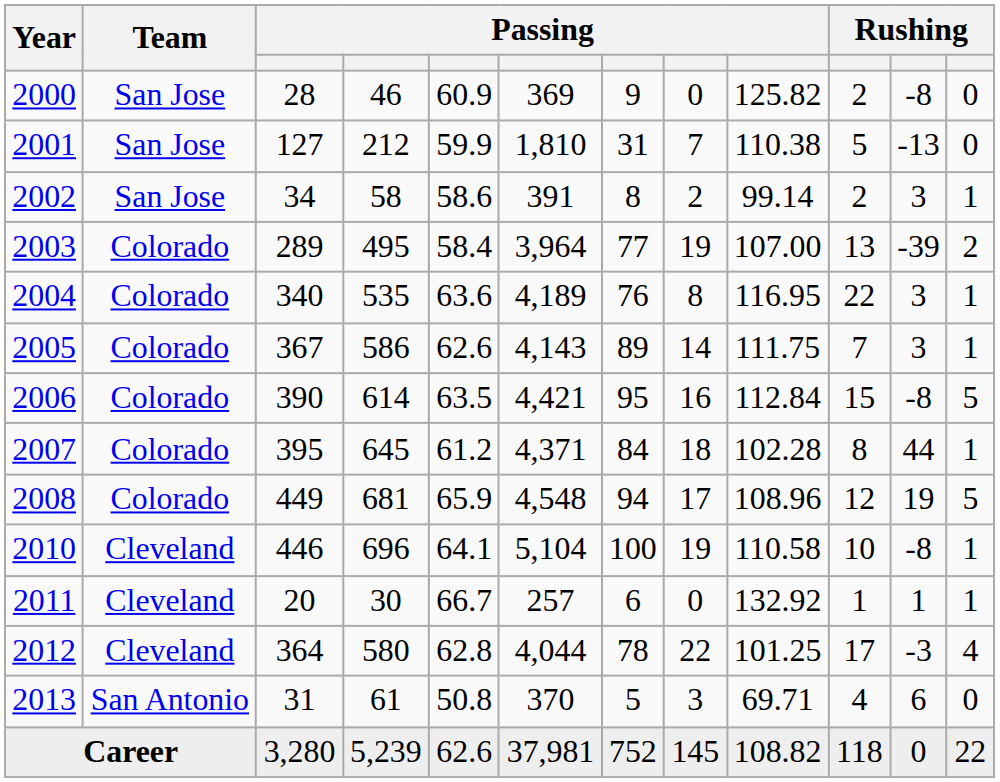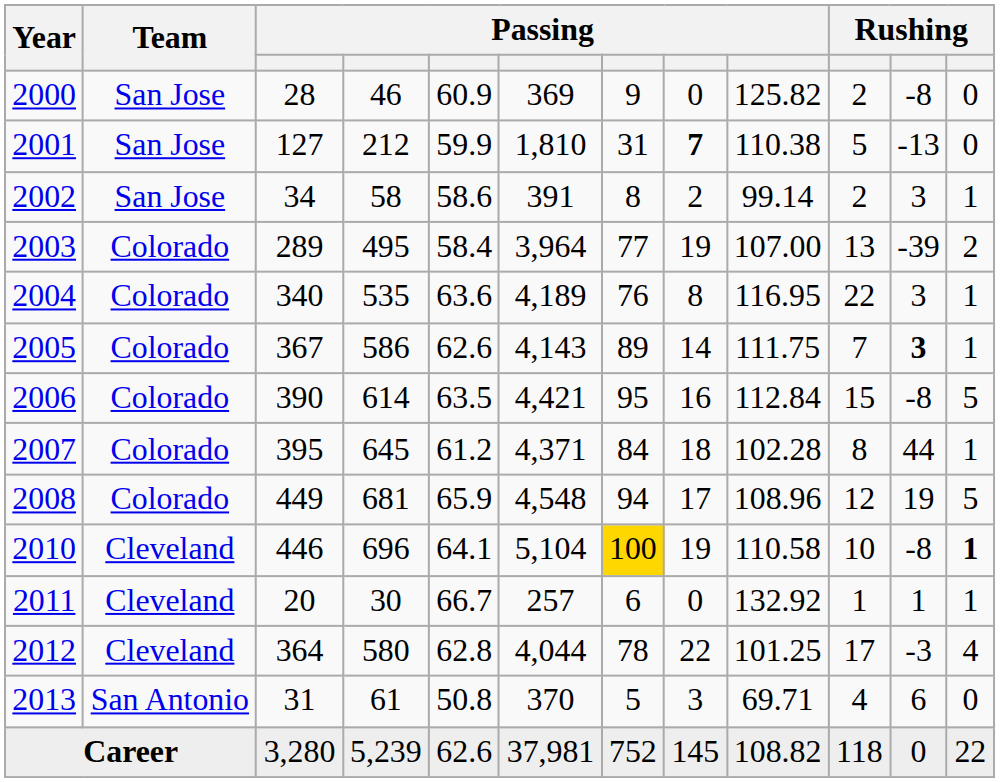 <table class="wikitable sortable" style="text-align:center">
 <tr>
 <th rowspan=2>Year</th>
 <th rowspan=2>Team</th>
 <th colspan=7>Passing</th>
 <th colspan=3>Rushing</th>
 </tr>
 <tr>
 <th></th>
 <th></th>
 <th></th>
 <th></th>
 <th></th>
 <th></th>
 <th></th>
 <th></th>
 <th></th>
 <th></th>
 </tr>
 <tr>
 <td><a href='#'>2000</a></td>
 <td><a href='#'>San Jose</a></td>
 <td>28</td>
 <td>46</td>
 <td>60.9</td>
 <td>369</td>
 <td>9</td>
 <td>0</td>
 <td>125.82</td>
 <td>2</td>
 <td>-8</td>
 <td>0</td>
 </tr>
 <tr>
 <td><a href='#'>2001</a></td>
 <td><a href='#'>San Jose</a></td>
 <td>127</td>
 <td>212</td>
 <td>59.9</td>
 <td>1,810</td>
 <td>31</td>
-<td>7</td>
+<td><strong>7</strong></td>
 <td>110.38</td>
 <td>5</td>
 <td>-13</td>
 <td>0</td>
 </tr>
 <tr>
 <td><a href='#'>2002</a></td>
 <td><a href='#'>San Jose</a></td>
 <td>34</td>
 <td>58</td>
 <td>58.6</td>
 <td>391</td>
 <td>8</td>
 <td>2</td>
 <td>99.14</td>
 <td>2</td>
 <td>3</td>
 <td>1</td>
 </tr>
 <tr>
 <td><a href='#'>2003</a></td>
 <td><a href='#'>Colorado</a></td>
 <td>289</td>
 <td>495</td>
 <td>58.4</td>
 <td>3,964</td>
 <td>77</td>
 <td>19</td>
 <td>107.00</td>
 <td>13</td>
 <td>-39</td>
 <td>2</td>
 </tr>
 <tr>
 <td><a href='#'>2004</a></td>
 <td><a href='#'>Colorado</a></td>
 <td>340</td>
 <td>535</td>
 <td>63.6</td>
 <td>4,189</td>
 <td>76</td>
 <td>8</td>
 <td>116.95</td>
 <td>22</td>
 <td>3</td>
 <td>1</td>
 </tr>
 <tr>
 <td><a href='#'>2005</a></td>
 <td><a href='#'>Colorado</a></td>
 <td>367</td>
 <td>586</td>
 <td>62.6</td>
 <td>4,143</td>
 <td>89</td>
 <td>14</td>
 <td>111.75</td>
 <td>7</td>
-<td>3</td>
+<td><strong>3</strong></td>
 <td>1</td>
 </tr>
 <tr>
 <td><a href='#'>2006</a></td>
 <td><a href='#'>Colorado</a></td>
 <td>390</td>
 <td>614</td>
 <td>63.5</td>
 <td>4,421</td>
 <td>95</td>
 <td>16</td>
 <td>112.84</td>
 <td>15</td>
 <td>-8</td>
 <td>5</td>
 </tr>
 <tr>
 <td><a href='#'>2007</a></td>
 <td><a href='#'>Colorado</a></td>
 <td>395</td>
 <td>645</td>
 <td>61.2</td>
 <td>4,371</td>
 <td>84</td>
 <td>18</td>
 <td>102.28</td>
 <td>8</td>
 <td>44</td>
 <td>1</td>
 </tr>
 <tr>
 <td><a href='#'>2008</a></td>
 <td><a href='#'>Colorado</a></td>
 <td>449</td>
 <td>681</td>
 <td>65.9</td>
 <td>4,548</td>
 <td>94</td>
 <td>17</td>
 <td>108.96</td>
 <td>12</td>
 <td>19</td>
 <td>5</td>
 </tr>
 <tr>
 <td><a href='#'>2010</a></td>
 <td><a href='#'>Cleveland</a></td>
 <td>446</td>
 <td>696</td>
 <td>64.1</td>
 <td>5,104</td>
-<td>100</td>
+<td style="background: gold;">100</td>
 <td>19</td>
 <td>110.58</td>
 <td>10</td>
 <td>-8</td>
-<td>1</td>
+<td><strong>1</strong></td>
 </tr>
 <tr>
 <td><a href='#'>2011</a></td>
 <td><a href='#'>Cleveland</a></td>
 <td>20</td>
 <td>30</td>
 <td>66.7</td>
 <td>257</td>
 <td>6</td>
 <td>0</td>
 <td>132.92</td>
 <td>1</td>
 <td>1</td>
 <td>1</td>
 </tr>
 <tr>
 <td><a href='#'>2012</a></td>
 <td><a href='#'>Cleveland</a></td>
 <td>364</td>
 <td>580</td>
 <td>62.8</td>
 <td>4,044</td>
 <td>78</td>
 <td>22</td>
 <td>101.25</td>
 <td>17</td>
 <td>-3</td>
 <td>4</td>
 </tr>
 <tr>
 <td><a href='#'>2013</a></td>
 <td><a href='#'>San Antonio</a></td>
 <td>31</td>
 <td>61</td>
 <td>50.8</td>
 <td>370</td>
 <td>5</td>
 <td>3</td>
 <td>69.71</td>
 <td>4</td>
 <td>6</td>
 <td>0</td>
 </tr>
 <tr class="sortbottom" style="background:#eee;">
 <td colspan=2><strong>Career</strong></td>
 <td>3,280</td>
 <td>5,239</td>
 <td>62.6</td>
 <td>37,981</td>
 <td>752</td>
 <td>145</td>
 <td>108.82</td>
 <td>118</td>
 <td>0</td>
 <td>22</td>
 </tr>
 </table>
